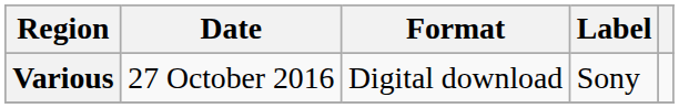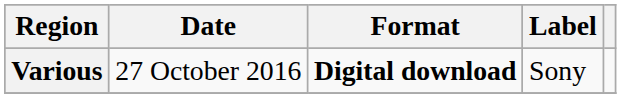 <table class="wikitable plainrowheaders unsortable">
 <tr>
 <th>Region</th>
 <th>Date</th>
 <th>Format</th>
 <th>Label</th>
 <th></th>
 </tr>
 <tr>
 <th scope="row">Various</th>
 <td>27 October 2016</td>
-<td>Digital download</td>
+<td><strong>Digital download</strong></td>
 <td>Sony</td>
 <td></td>
 </tr>
 <tr>
 </tr>
 </table>
